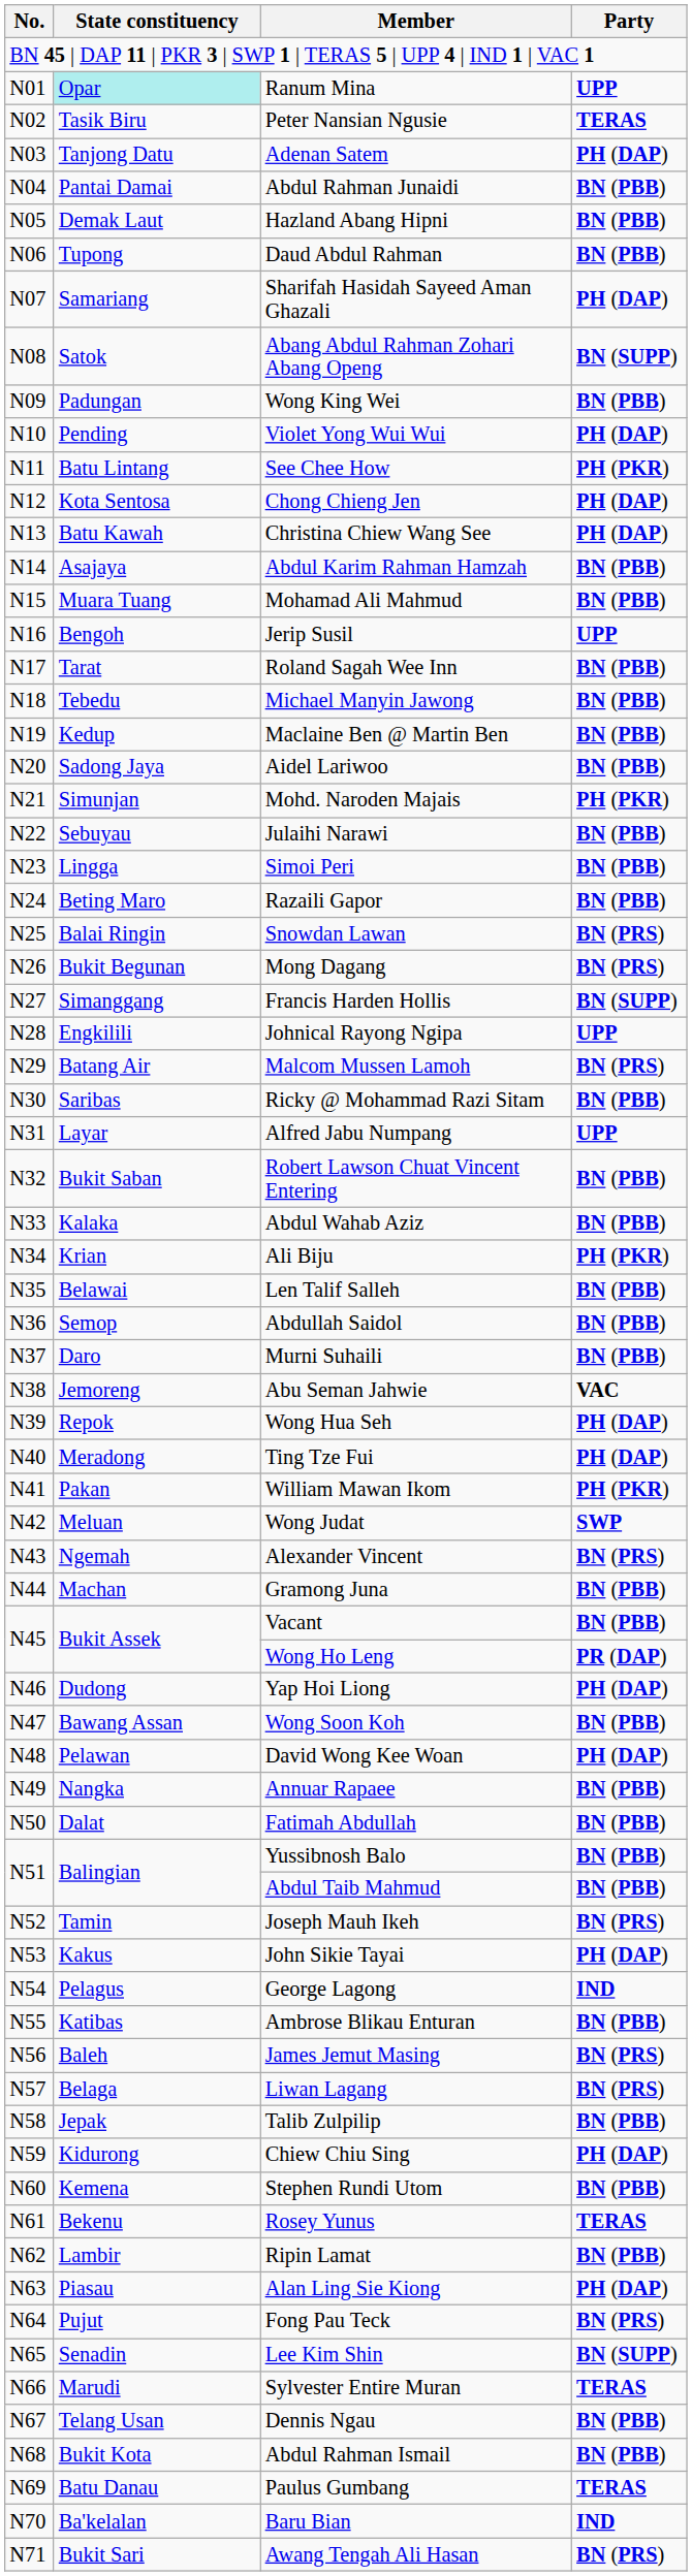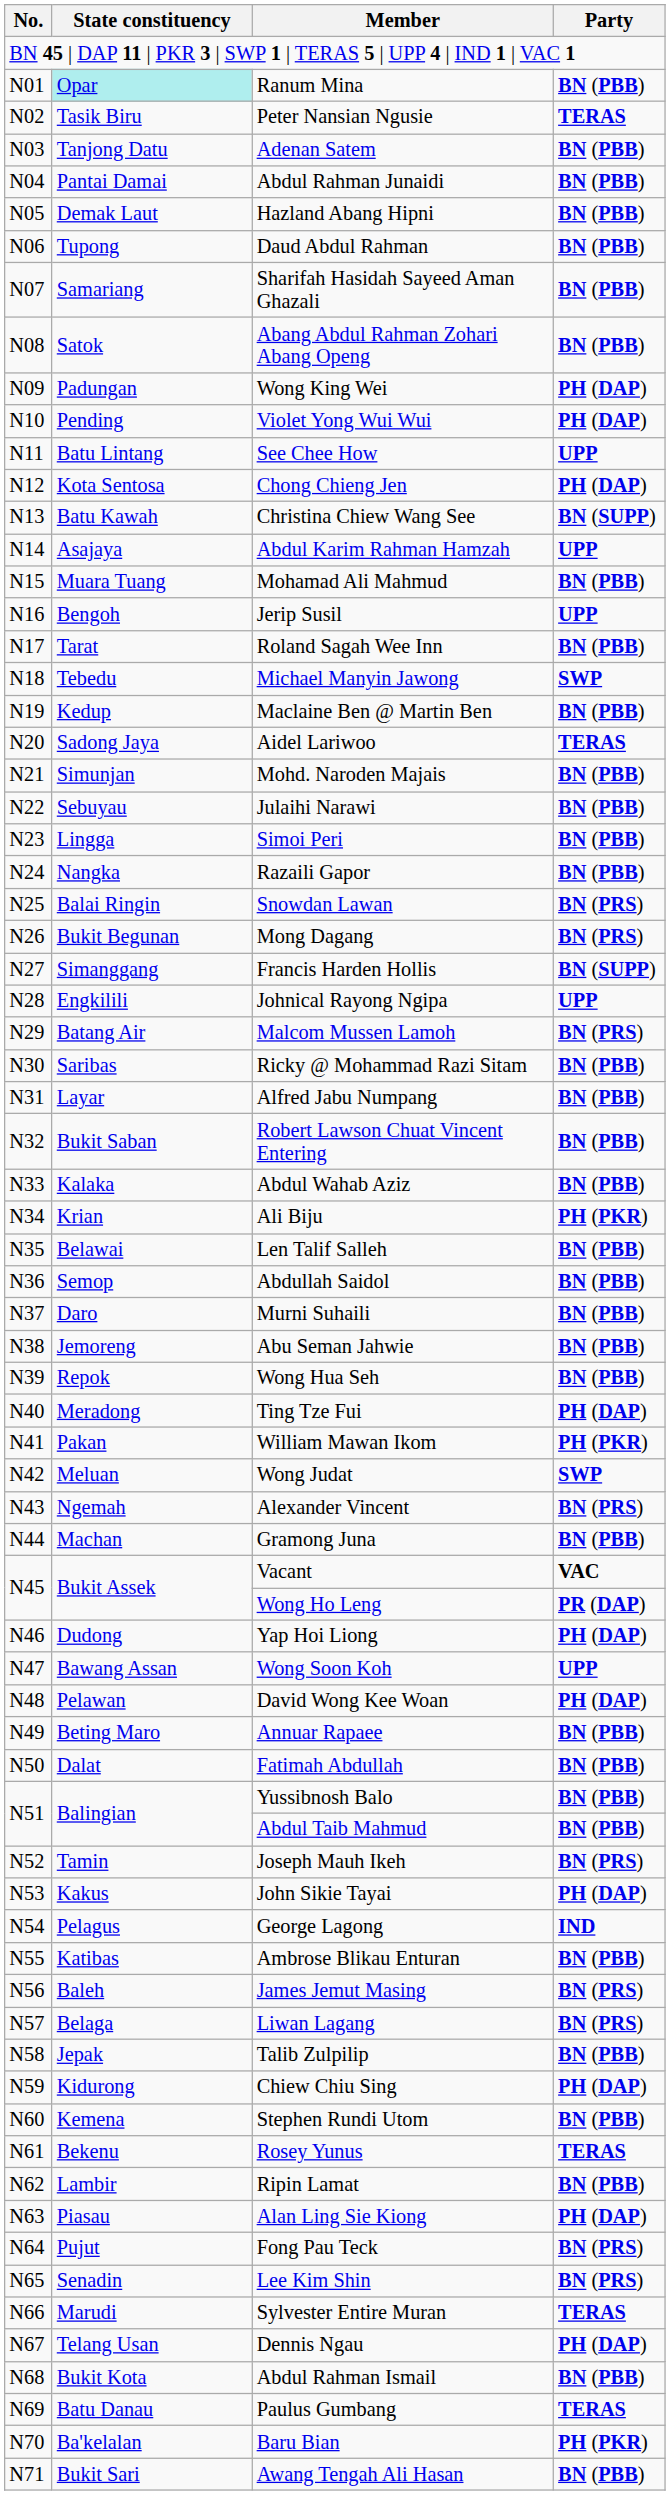 <table class="wikitable sortable">
 <tr>
 <th style="width:30px;">No.</th>
 <th style="width:150px;">State constituency</th>
 <th style="width:230px;">Member</th>
 <th style="width:80px;">Party</th>
 </tr>
 <tr>
 <td colspan="4"><a href='#'>BN</a> <strong>45</strong> | <a href='#'>DAP</a> <strong>11</strong> | <a href='#'>PKR</a> <strong>3</strong> | <a href='#'>SWP</a> <strong>1</strong> | <a href='#'>TERAS</a> <strong>5</strong>  | <a href='#'>UPP</a> <strong>4</strong> | <a href='#'>IND</a> <strong>1</strong> | <a href='#'>VAC</a> <strong>1</strong></td>
 </tr>
 <tr>
 <td>N01</td>
 <td style="background: paleturquoise;"><a href='#'>Opar</a></td>
 <td>Ranum Mina</td>
-<td><strong><a href='#'>UPP</a></strong></td>
+<td><strong><a href='#'>BN</a></strong> (<strong><a href='#'>PBB</a></strong>)</td>
 </tr>
 <tr>
 <td>N02</td>
 <td><a href='#'>Tasik Biru</a></td>
 <td>Peter Nansian Ngusie</td>
 <td><strong><a href='#'>TERAS</a></strong></td>
 </tr>
 <tr>
 <td>N03</td>
 <td><a href='#'>Tanjong Datu</a></td>
 <td><a href='#'>Adenan Satem</a></td>
-<td><strong><a href='#'>PH</a></strong> (<strong><a href='#'>DAP</a></strong>)</td>
+<td><strong><a href='#'>BN</a></strong> (<strong><a href='#'>PBB</a></strong>)</td>
 </tr>
 <tr>
 <td>N04</td>
 <td><a href='#'>Pantai Damai</a></td>
 <td>Abdul Rahman Junaidi</td>
 <td><strong><a href='#'>BN</a></strong> (<strong><a href='#'>PBB</a></strong>)</td>
 </tr>
 <tr>
 <td>N05</td>
 <td><a href='#'>Demak Laut</a></td>
 <td>Hazland Abang Hipni</td>
 <td><strong><a href='#'>BN</a></strong> (<strong><a href='#'>PBB</a></strong>)</td>
 </tr>
 <tr>
 <td>N06</td>
 <td><a href='#'>Tupong</a></td>
 <td>Daud Abdul Rahman</td>
 <td><strong><a href='#'>BN</a></strong> (<strong><a href='#'>PBB</a></strong>)</td>
 </tr>
 <tr>
 <td>N07</td>
 <td><a href='#'>Samariang</a></td>
 <td>Sharifah Hasidah Sayeed Aman Ghazali</td>
-<td><strong><a href='#'>PH</a></strong> (<strong><a href='#'>DAP</a></strong>)</td>
+<td><strong><a href='#'>BN</a></strong> (<strong><a href='#'>PBB</a></strong>)</td>
 </tr>
 <tr>
 <td>N08</td>
 <td><a href='#'>Satok</a></td>
 <td><a href='#'>Abang Abdul Rahman Zohari Abang Openg</a></td>
-<td><strong><a href='#'>BN</a></strong> (<strong><a href='#'>SUPP</a></strong>)</td>
+<td><strong><a href='#'>BN</a></strong> (<strong><a href='#'>PBB</a></strong>)</td>
 </tr>
 <tr>
 <td>N09</td>
 <td><a href='#'>Padungan</a></td>
 <td>Wong King Wei</td>
-<td><strong><a href='#'>BN</a></strong> (<strong><a href='#'>PBB</a></strong>)</td>
+<td><strong><a href='#'>PH</a></strong> (<strong><a href='#'>DAP</a></strong>)</td>
 </tr>
 <tr>
 <td>N10</td>
 <td><a href='#'>Pending</a></td>
 <td><a href='#'>Violet Yong Wui Wui</a></td>
 <td><strong><a href='#'>PH</a></strong> (<strong><a href='#'>DAP</a></strong>)</td>
 </tr>
 <tr>
 <td>N11</td>
 <td><a href='#'>Batu Lintang</a></td>
 <td><a href='#'>See Chee How</a></td>
-<td><strong><a href='#'>PH</a></strong> (<strong><a href='#'>PKR</a></strong>)</td>
+<td><strong><a href='#'>UPP</a></strong></td>
 </tr>
 <tr>
 <td>N12</td>
 <td><a href='#'>Kota Sentosa</a></td>
 <td><a href='#'>Chong Chieng Jen</a></td>
 <td><strong><a href='#'>PH</a></strong> (<strong><a href='#'>DAP</a></strong>)</td>
 </tr>
 <tr>
 <td>N13</td>
 <td><a href='#'>Batu Kawah</a></td>
 <td>Christina Chiew Wang See</td>
-<td><strong><a href='#'>PH</a></strong> (<strong><a href='#'>DAP</a></strong>)</td>
+<td><strong><a href='#'>BN</a></strong> (<strong><a href='#'>SUPP</a></strong>)</td>
 </tr>
 <tr>
 <td>N14</td>
 <td><a href='#'>Asajaya</a></td>
 <td><a href='#'>Abdul Karim Rahman Hamzah</a></td>
-<td><strong><a href='#'>BN</a></strong> (<strong><a href='#'>PBB</a></strong>)</td>
+<td><strong><a href='#'>UPP</a></strong></td>
 </tr>
 <tr>
 <td>N15</td>
 <td><a href='#'>Muara Tuang</a></td>
 <td>Mohamad Ali Mahmud</td>
 <td><strong><a href='#'>BN</a></strong> (<strong><a href='#'>PBB</a></strong>)</td>
 </tr>
 <tr>
 <td>N16</td>
 <td><a href='#'>Bengoh</a></td>
 <td>Jerip Susil</td>
 <td><strong><a href='#'>UPP</a></strong></td>
 </tr>
 <tr>
 <td>N17</td>
 <td><a href='#'>Tarat</a></td>
 <td>Roland Sagah Wee Inn</td>
 <td><strong><a href='#'>BN</a></strong> (<strong><a href='#'>PBB</a></strong>)</td>
 </tr>
 <tr>
 <td>N18</td>
 <td><a href='#'>Tebedu</a></td>
 <td><a href='#'>Michael Manyin Jawong</a></td>
-<td><strong><a href='#'>BN</a></strong> (<strong><a href='#'>PBB</a></strong>)</td>
+<td><strong><a href='#'>SWP</a></strong></td>
 </tr>
 <tr>
 <td>N19</td>
 <td><a href='#'>Kedup</a></td>
 <td>Maclaine Ben @ Martin Ben</td>
 <td><strong><a href='#'>BN</a></strong> (<strong><a href='#'>PBB</a></strong>)</td>
 </tr>
 <tr>
 <td>N20</td>
 <td><a href='#'>Sadong Jaya</a></td>
 <td>Aidel Lariwoo</td>
-<td><strong><a href='#'>BN</a></strong> (<strong><a href='#'>PBB</a></strong>)</td>
+<td><strong><a href='#'>TERAS</a></strong></td>
 </tr>
 <tr>
 <td>N21</td>
 <td><a href='#'>Simunjan</a></td>
 <td>Mohd. Naroden Majais</td>
-<td><strong><a href='#'>PH</a></strong> (<strong><a href='#'>PKR</a></strong>)</td>
+<td><strong><a href='#'>BN</a></strong> (<strong><a href='#'>PBB</a></strong>)</td>
 </tr>
 <tr>
 <td>N22</td>
 <td><a href='#'>Sebuyau</a></td>
 <td>Julaihi Narawi</td>
 <td><strong><a href='#'>BN</a></strong> (<strong><a href='#'>PBB</a></strong>)</td>
 </tr>
 <tr>
 <td>N23</td>
 <td><a href='#'>Lingga</a></td>
 <td><a href='#'>Simoi Peri</a></td>
 <td><strong><a href='#'>BN</a></strong> (<strong><a href='#'>PBB</a></strong>)</td>
 </tr>
 <tr>
 <td>N24</td>
-<td><a href='#'>Beting Maro</a></td>
+<td><a href='#'>Nangka</a></td>
 <td>Razaili Gapor</td>
 <td><strong><a href='#'>BN</a></strong> (<strong><a href='#'>PBB</a></strong>)</td>
 </tr>
 <tr>
 <td>N25</td>
 <td><a href='#'>Balai Ringin</a></td>
 <td><a href='#'>Snowdan Lawan</a></td>
 <td><strong><a href='#'>BN</a></strong> (<strong><a href='#'>PRS</a></strong>)</td>
 </tr>
 <tr>
 <td>N26</td>
 <td><a href='#'>Bukit Begunan</a></td>
 <td>Mong Dagang</td>
 <td><strong><a href='#'>BN</a></strong> (<strong><a href='#'>PRS</a></strong>)</td>
 </tr>
 <tr>
 <td>N27</td>
 <td><a href='#'>Simanggang</a></td>
 <td>Francis Harden Hollis</td>
 <td><strong><a href='#'>BN</a></strong> (<strong><a href='#'>SUPP</a></strong>)</td>
 </tr>
 <tr>
 <td>N28</td>
 <td><a href='#'>Engkilili</a></td>
 <td>Johnical Rayong Ngipa</td>
 <td><strong><a href='#'>UPP</a></strong></td>
 </tr>
 <tr>
 <td>N29</td>
 <td><a href='#'>Batang Air</a></td>
 <td><a href='#'>Malcom Mussen Lamoh</a></td>
 <td><strong><a href='#'>BN</a></strong> (<strong><a href='#'>PRS</a></strong>)</td>
 </tr>
 <tr>
 <td>N30</td>
 <td><a href='#'>Saribas</a></td>
 <td>Ricky @ Mohammad Razi Sitam</td>
 <td><strong><a href='#'>BN</a></strong> (<strong><a href='#'>PBB</a></strong>)</td>
 </tr>
 <tr>
 <td>N31</td>
 <td><a href='#'>Layar</a></td>
 <td>Alfred Jabu Numpang</td>
-<td><strong><a href='#'>UPP</a></strong></td>
+<td><strong><a href='#'>BN</a></strong> (<strong><a href='#'>PBB</a></strong>)</td>
 </tr>
 <tr>
 <td>N32</td>
 <td><a href='#'>Bukit Saban</a></td>
 <td><a href='#'>Robert Lawson Chuat Vincent Entering</a></td>
 <td><strong><a href='#'>BN</a></strong> (<strong><a href='#'>PBB</a></strong>)</td>
 </tr>
 <tr>
 <td>N33</td>
 <td><a href='#'>Kalaka</a></td>
 <td>Abdul Wahab Aziz</td>
 <td><strong><a href='#'>BN</a></strong> (<strong><a href='#'>PBB</a></strong>)</td>
 </tr>
 <tr>
 <td>N34</td>
 <td><a href='#'>Krian</a></td>
 <td>Ali Biju</td>
 <td><strong><a href='#'>PH</a></strong> (<strong><a href='#'>PKR</a></strong>)</td>
 </tr>
 <tr>
 <td>N35</td>
 <td><a href='#'>Belawai</a></td>
 <td>Len Talif Salleh</td>
 <td><strong><a href='#'>BN</a></strong> (<strong><a href='#'>PBB</a></strong>)</td>
 </tr>
 <tr>
 <td>N36</td>
 <td><a href='#'>Semop</a></td>
 <td>Abdullah Saidol</td>
 <td><strong><a href='#'>BN</a></strong> (<strong><a href='#'>PBB</a></strong>)</td>
 </tr>
 <tr>
 <td>N37</td>
 <td><a href='#'>Daro</a></td>
 <td>Murni Suhaili</td>
 <td><strong><a href='#'>BN</a></strong> (<strong><a href='#'>PBB</a></strong>)</td>
 </tr>
 <tr>
 <td>N38</td>
 <td><a href='#'>Jemoreng</a></td>
 <td>Abu Seman Jahwie</td>
-<td><strong>VAC</strong></td>
+<td><strong><a href='#'>BN</a></strong> (<strong><a href='#'>PBB</a></strong>)</td>
 </tr>
 <tr>
 <td>N39</td>
 <td><a href='#'>Repok</a></td>
 <td>Wong Hua Seh</td>
-<td><strong><a href='#'>PH</a></strong> (<strong><a href='#'>DAP</a></strong>)</td>
+<td><strong><a href='#'>BN</a></strong> (<strong><a href='#'>PBB</a></strong>)</td>
 </tr>
 <tr>
 <td>N40</td>
 <td><a href='#'>Meradong</a></td>
 <td>Ting Tze Fui</td>
 <td><strong><a href='#'>PH</a></strong> (<strong><a href='#'>DAP</a></strong>)</td>
 </tr>
 <tr>
 <td>N41</td>
 <td><a href='#'>Pakan</a></td>
 <td>William Mawan Ikom</td>
 <td><strong><a href='#'>PH</a></strong> (<strong><a href='#'>PKR</a></strong>)</td>
 </tr>
 <tr>
 <td>N42</td>
 <td><a href='#'>Meluan</a></td>
 <td>Wong Judat</td>
 <td><strong><a href='#'>SWP</a></strong></td>
 </tr>
 <tr>
 <td>N43</td>
 <td><a href='#'>Ngemah</a></td>
 <td>Alexander Vincent</td>
 <td><strong><a href='#'>BN</a></strong> (<strong><a href='#'>PRS</a></strong>)</td>
 </tr>
 <tr>
 <td>N44</td>
 <td><a href='#'>Machan</a></td>
 <td>Gramong Juna</td>
 <td><strong><a href='#'>BN</a></strong> (<strong><a href='#'>PBB</a></strong>)</td>
 </tr>
 <tr>
 <td rowspan=2>N45</td>
 <td rowspan=2><a href='#'>Bukit Assek</a></td>
 <td>Vacant </td>
-<td><strong><a href='#'>BN</a></strong> (<strong><a href='#'>PBB</a></strong>)</td>
+<td><strong>VAC</strong></td>
 </tr>
 <tr>
 <td><a href='#'>Wong Ho Leng</a> </td>
 <td><strong><a href='#'>PR</a></strong> (<strong><a href='#'>DAP</a></strong>)</td>
 </tr>
 <tr>
 <td>N46</td>
 <td><a href='#'>Dudong</a></td>
 <td>Yap Hoi Liong</td>
 <td><strong><a href='#'>PH</a></strong> (<strong><a href='#'>DAP</a></strong>)</td>
 </tr>
 <tr>
 <td>N47</td>
 <td><a href='#'>Bawang Assan</a></td>
 <td><a href='#'>Wong Soon Koh</a></td>
-<td><strong><a href='#'>BN</a></strong> (<strong><a href='#'>PBB</a></strong>)</td>
+<td><strong><a href='#'>UPP</a></strong></td>
 </tr>
 <tr>
 <td>N48</td>
 <td><a href='#'>Pelawan</a></td>
 <td>David Wong Kee Woan</td>
 <td><strong><a href='#'>PH</a></strong> (<strong><a href='#'>DAP</a></strong>)</td>
 </tr>
 <tr>
 <td>N49</td>
-<td><a href='#'>Nangka</a></td>
+<td><a href='#'>Beting Maro</a></td>
 <td><a href='#'>Annuar Rapaee</a></td>
 <td><strong><a href='#'>BN</a></strong> (<strong><a href='#'>PBB</a></strong>)</td>
 </tr>
 <tr>
 <td>N50</td>
 <td><a href='#'>Dalat</a></td>
 <td><a href='#'>Fatimah Abdullah</a></td>
 <td><strong><a href='#'>BN</a></strong> (<strong><a href='#'>PBB</a></strong>)</td>
 </tr>
 <tr>
 <td rowspan=2>N51</td>
 <td rowspan=2><a href='#'>Balingian</a></td>
 <td>Yussibnosh Balo </td>
 <td><strong><a href='#'>BN</a></strong> (<strong><a href='#'>PBB</a></strong>)</td>
 </tr>
 <tr>
 <td><a href='#'>Abdul Taib Mahmud</a> </td>
 <td><strong><a href='#'>BN</a></strong> (<strong><a href='#'>PBB</a></strong>)</td>
 </tr>
 <tr>
 <td>N52</td>
 <td><a href='#'>Tamin</a></td>
 <td>Joseph Mauh Ikeh</td>
 <td><strong><a href='#'>BN</a></strong> (<strong><a href='#'>PRS</a></strong>)</td>
 </tr>
 <tr>
 <td>N53</td>
 <td><a href='#'>Kakus</a></td>
 <td>John Sikie Tayai</td>
 <td><strong><a href='#'>PH</a></strong> (<strong><a href='#'>DAP</a></strong>)</td>
 </tr>
 <tr>
 <td>N54</td>
 <td><a href='#'>Pelagus</a></td>
 <td>George Lagong</td>
 <td><strong><a href='#'>IND</a></strong></td>
 </tr>
 <tr>
 <td>N55</td>
 <td><a href='#'>Katibas</a></td>
 <td>Ambrose Blikau Enturan</td>
 <td><strong><a href='#'>BN</a></strong> (<strong><a href='#'>PBB</a></strong>)</td>
 </tr>
 <tr>
 <td>N56</td>
 <td><a href='#'>Baleh</a></td>
 <td><a href='#'>James Jemut Masing</a></td>
 <td><strong><a href='#'>BN</a></strong> (<strong><a href='#'>PRS</a></strong>)</td>
 </tr>
 <tr>
 <td>N57</td>
 <td><a href='#'>Belaga</a></td>
 <td><a href='#'>Liwan Lagang</a></td>
 <td><strong><a href='#'>BN</a></strong> (<strong><a href='#'>PRS</a></strong>)</td>
 </tr>
 <tr>
 <td>N58</td>
 <td><a href='#'>Jepak</a></td>
 <td>Talib Zulpilip</td>
 <td><strong><a href='#'>BN</a></strong> (<strong><a href='#'>PBB</a></strong>)</td>
 </tr>
 <tr>
 <td>N59</td>
 <td><a href='#'>Kidurong</a></td>
 <td>Chiew Chiu Sing</td>
 <td><strong><a href='#'>PH</a></strong> (<strong><a href='#'>DAP</a></strong>)</td>
 </tr>
 <tr>
 <td>N60</td>
 <td><a href='#'>Kemena</a></td>
 <td>Stephen Rundi Utom</td>
 <td><strong><a href='#'>BN</a></strong> (<strong><a href='#'>PBB</a></strong>)</td>
 </tr>
 <tr>
 <td>N61</td>
 <td><a href='#'>Bekenu</a></td>
 <td><a href='#'>Rosey Yunus</a></td>
 <td><strong><a href='#'>TERAS</a></strong></td>
 </tr>
 <tr>
 <td>N62</td>
 <td><a href='#'>Lambir</a></td>
 <td>Ripin Lamat</td>
 <td><strong><a href='#'>BN</a></strong> (<strong><a href='#'>PBB</a></strong>)</td>
 </tr>
 <tr>
 <td>N63</td>
 <td><a href='#'>Piasau</a></td>
 <td><a href='#'>Alan Ling Sie Kiong</a></td>
 <td><strong><a href='#'>PH</a></strong> (<strong><a href='#'>DAP</a></strong>)</td>
 </tr>
 <tr>
 <td>N64</td>
 <td><a href='#'>Pujut</a></td>
 <td>Fong Pau Teck</td>
 <td><strong><a href='#'>BN</a></strong> (<strong><a href='#'>PRS</a></strong>)</td>
 </tr>
 <tr>
 <td>N65</td>
 <td><a href='#'>Senadin</a></td>
 <td><a href='#'>Lee Kim Shin</a></td>
-<td><strong><a href='#'>BN</a></strong> (<strong><a href='#'>SUPP</a></strong>)</td>
+<td><strong><a href='#'>BN</a></strong> (<strong><a href='#'>PRS</a></strong>)</td>
 </tr>
 <tr>
 <td>N66</td>
 <td><a href='#'>Marudi</a></td>
 <td>Sylvester Entire Muran</td>
 <td><strong><a href='#'>TERAS</a></strong></td>
 </tr>
 <tr>
 <td>N67</td>
 <td><a href='#'>Telang Usan</a></td>
 <td>Dennis Ngau</td>
-<td><strong><a href='#'>BN</a></strong> (<strong><a href='#'>PBB</a></strong>)</td>
+<td><strong><a href='#'>PH</a></strong> (<strong><a href='#'>DAP</a></strong>)</td>
 </tr>
 <tr>
 <td>N68</td>
 <td><a href='#'>Bukit Kota</a></td>
 <td>Abdul Rahman Ismail</td>
 <td><strong><a href='#'>BN</a></strong> (<strong><a href='#'>PBB</a></strong>)</td>
 </tr>
 <tr>
 <td>N69</td>
 <td><a href='#'>Batu Danau</a></td>
 <td>Paulus Gumbang</td>
 <td><strong><a href='#'>TERAS</a></strong></td>
 </tr>
 <tr>
 <td>N70</td>
 <td><a href='#'>Ba'kelalan</a></td>
 <td><a href='#'>Baru Bian</a></td>
-<td><strong><a href='#'>IND</a></strong></td>
+<td><strong><a href='#'>PH</a></strong> (<strong><a href='#'>PKR</a></strong>)</td>
 </tr>
 <tr>
 <td>N71</td>
 <td><a href='#'>Bukit Sari</a></td>
 <td><a href='#'>Awang Tengah Ali Hasan</a></td>
-<td><strong><a href='#'>BN</a></strong> (<strong><a href='#'>PRS</a></strong>)</td>
+<td><strong><a href='#'>BN</a></strong> (<strong><a href='#'>PBB</a></strong>)</td>
 </tr>
 </table>
